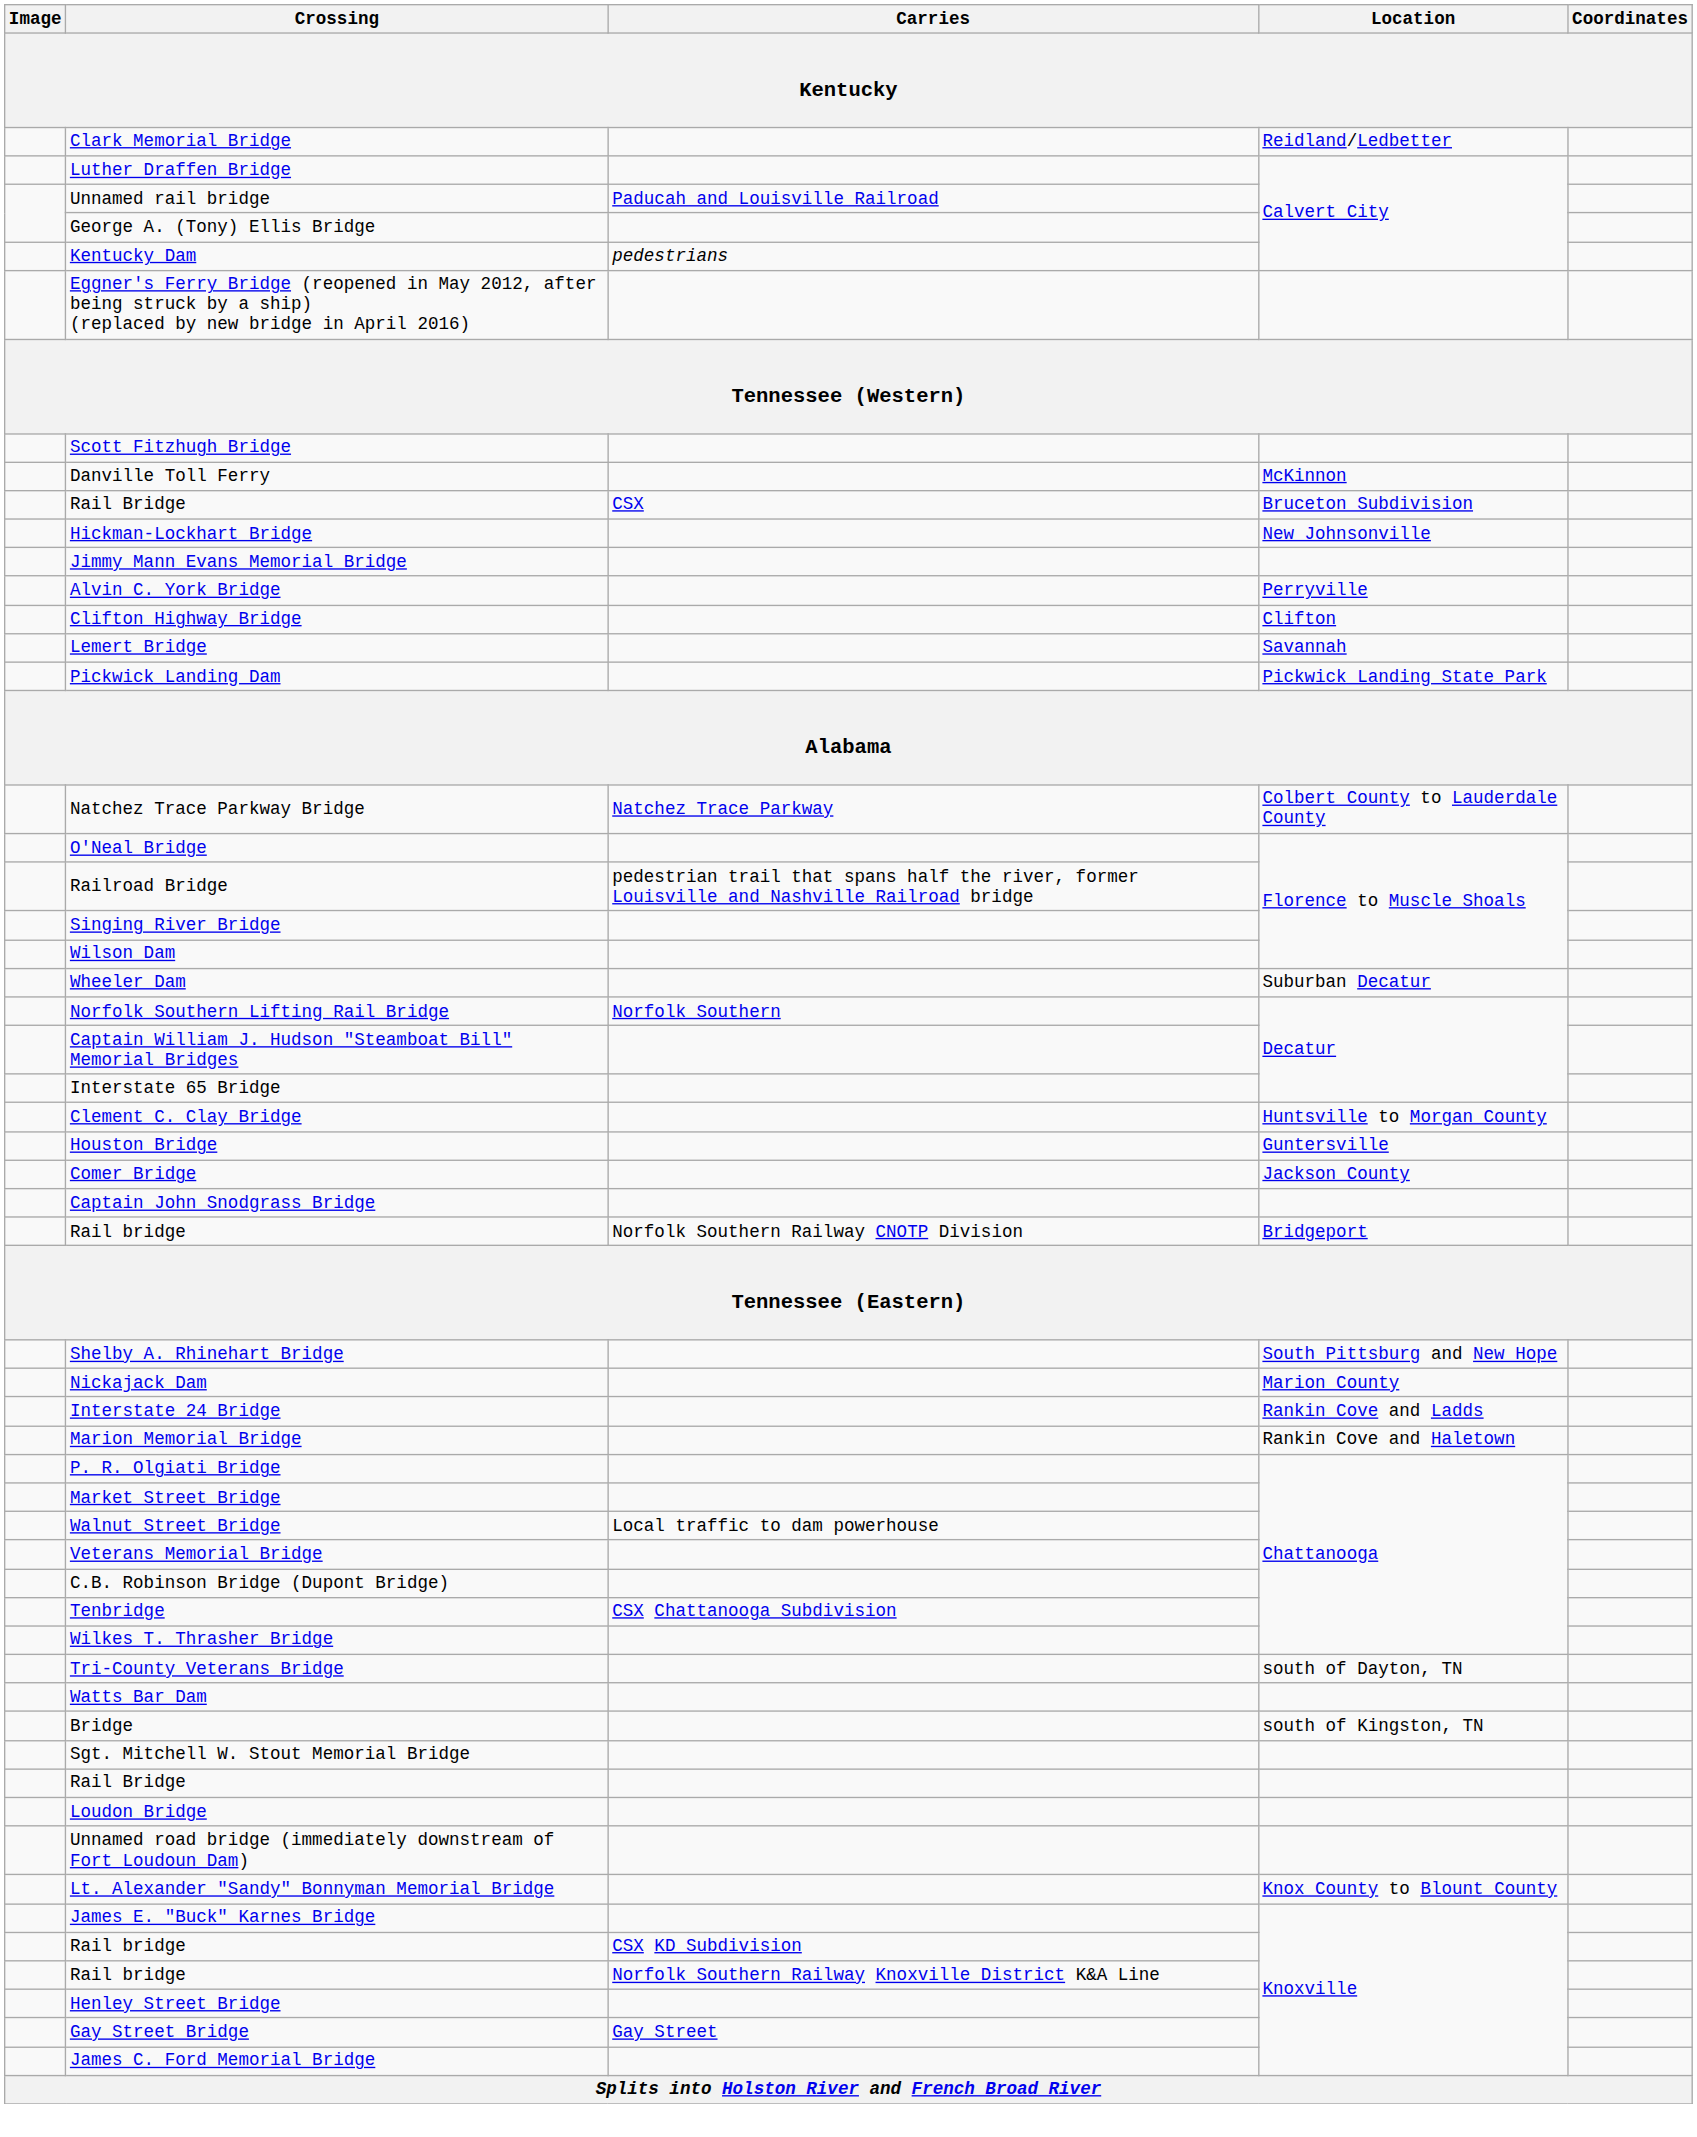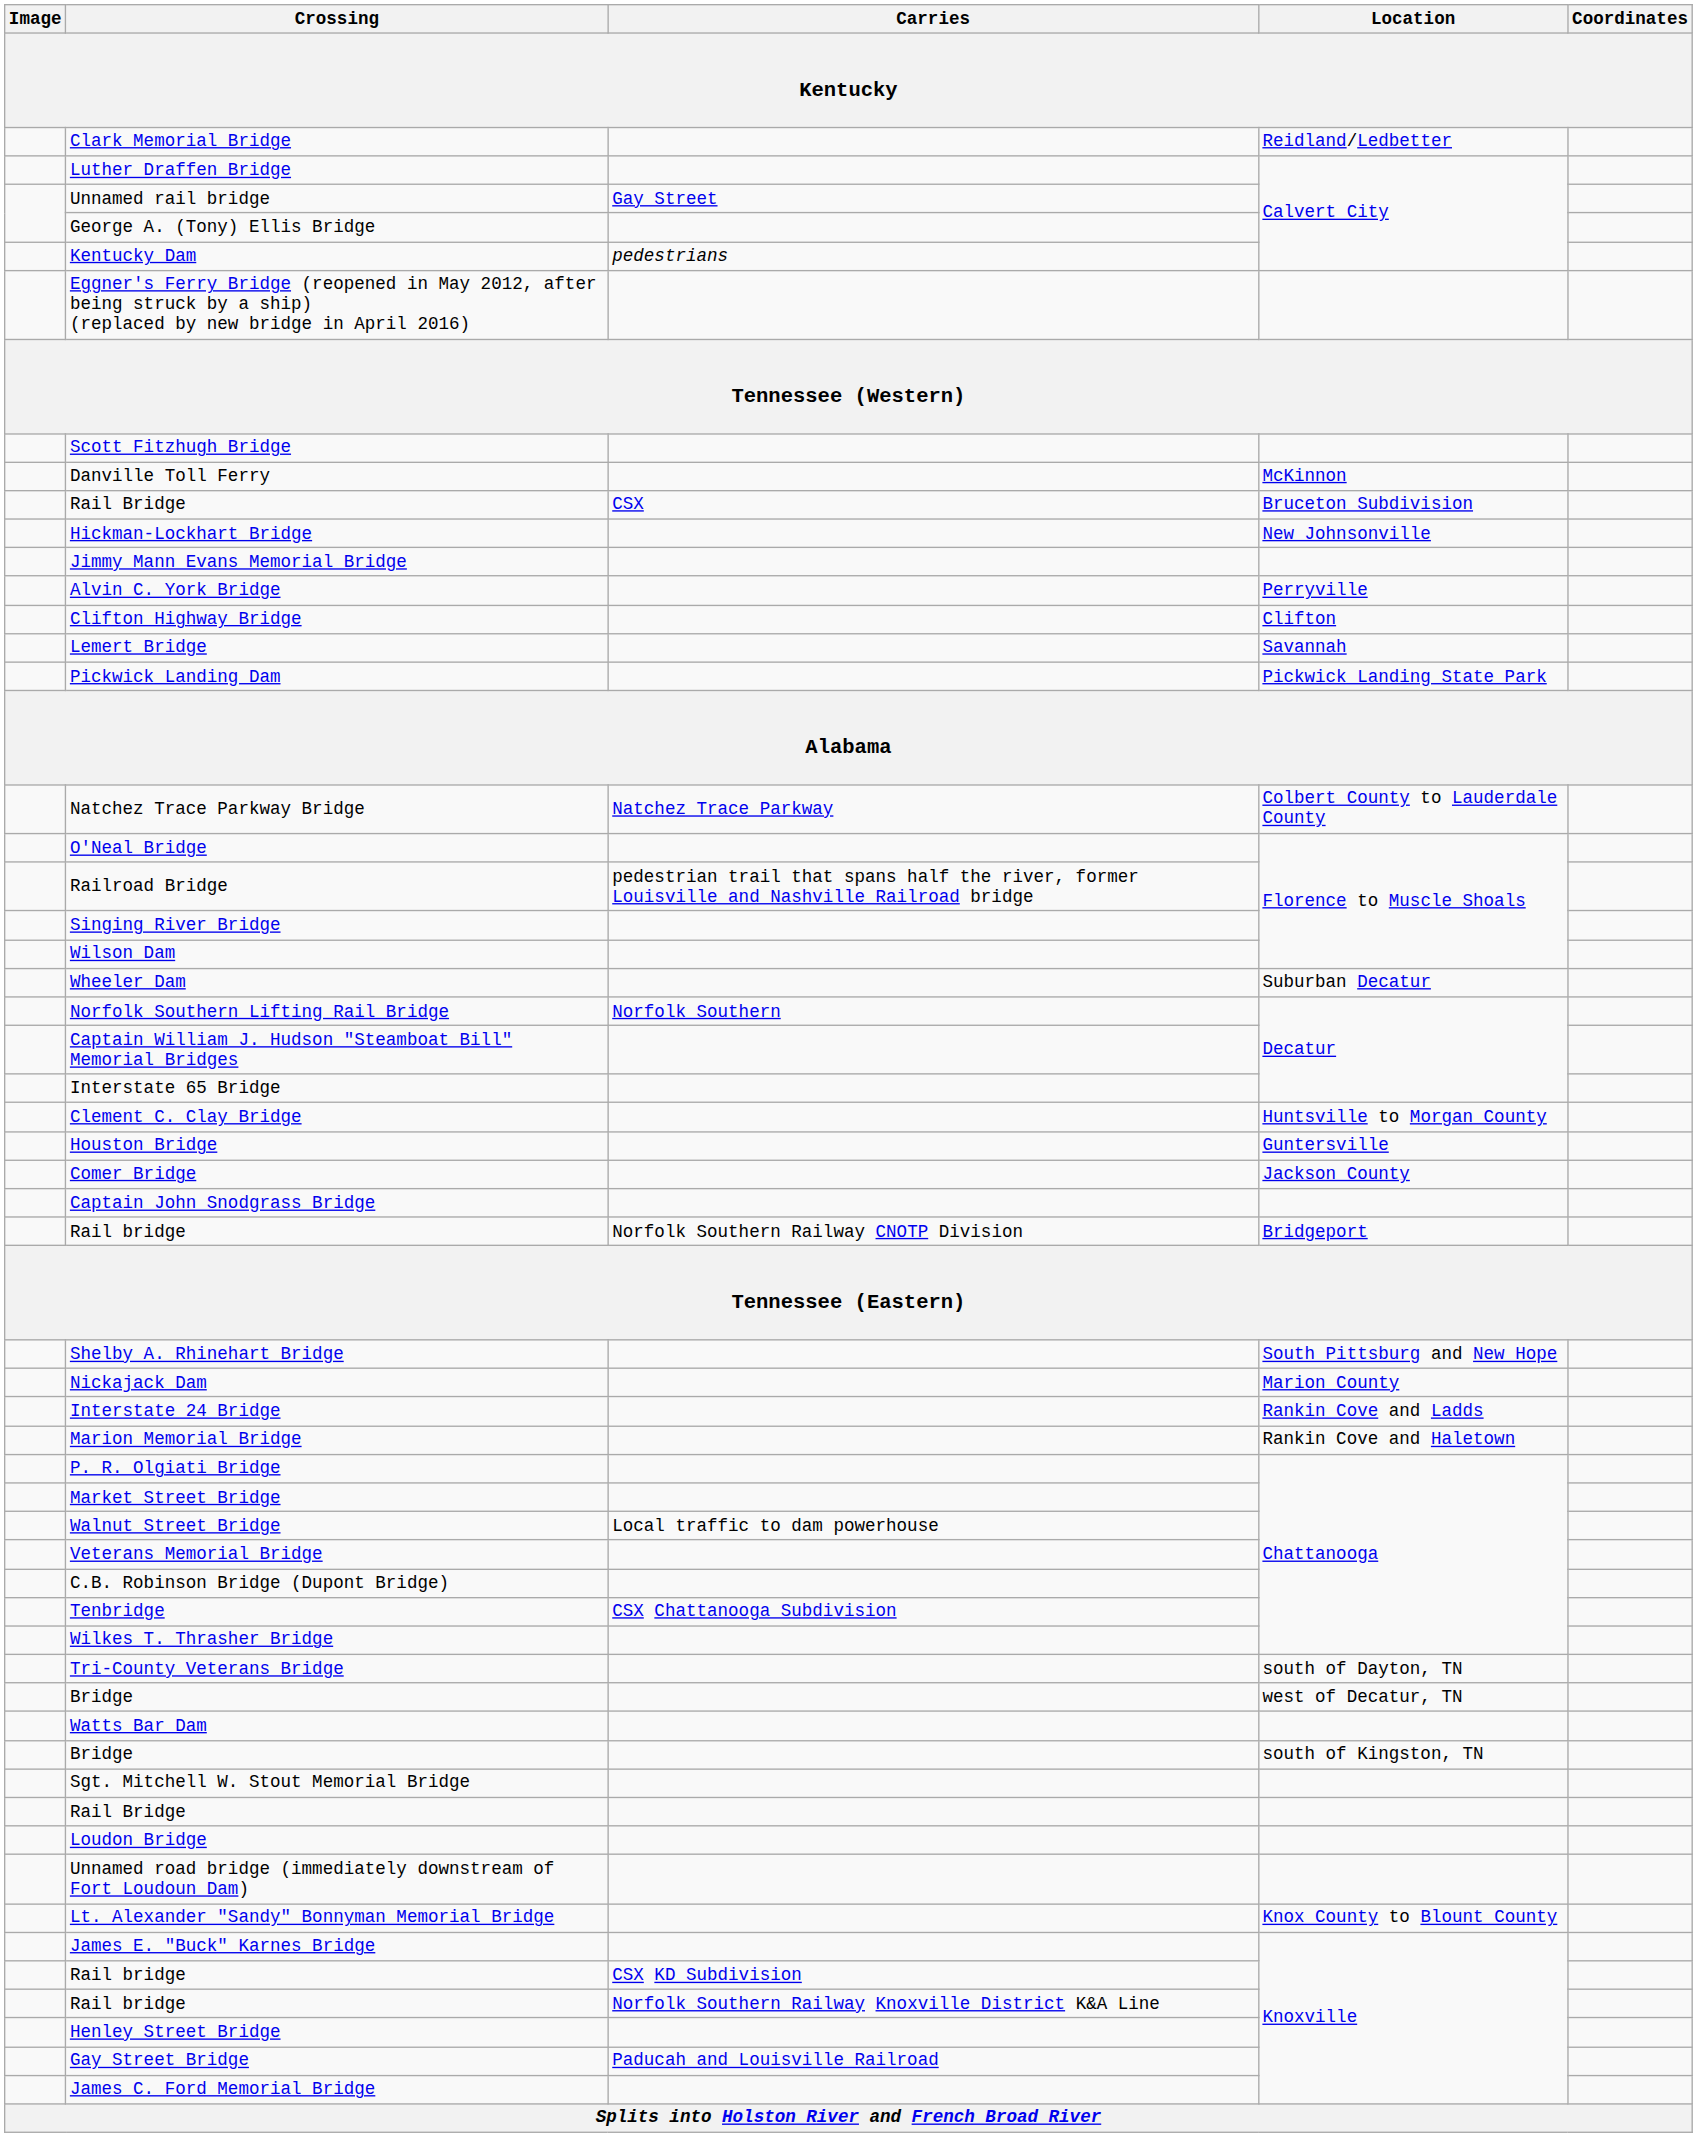 <table class=wikitable>
 <tr>
 <th>Image</th>
 <th>Crossing</th>
 <th>Carries</th>
 <th>Location</th>
 <th>Coordinates</th>
 </tr>
 <tr>
 <th colspan="5"><br><h3>Kentucky</h3></th>
 </tr>
 <tr>
 <td></td>
 <td><a href='#'>Clark Memorial Bridge</a></td>
 <td></td>
 <td><a href='#'>Reidland</a>/<a href='#'>Ledbetter</a></td>
 <td></td>
 </tr>
 <tr>
 <td></td>
 <td><a href='#'>Luther Draffen Bridge</a></td>
 <td></td>
 <td rowspan="4"><a href='#'>Calvert City</a></td>
 <td></td>
 </tr>
 <tr>
 <td rowspan="2"></td>
 <td>Unnamed rail bridge</td>
-<td><a href='#'>Paducah and Louisville Railroad</a></td>
+<td><a href='#'>Gay Street</a></td>
 <td></td>
 </tr>
 <tr>
 <td>George A. (Tony) Ellis Bridge</td>
 <td></td>
 <td></td>
 </tr>
 <tr>
 <td></td>
 <td><a href='#'>Kentucky Dam</a></td>
 <td><em>pedestrians</em></td>
 <td></td>
 </tr>
 <tr>
 <td></td>
 <td><a href='#'>Eggner's Ferry Bridge</a> (reopened in May 2012, after being struck by a ship)<br>(replaced by new bridge in April 2016)</td>
 <td></td>
 <td></td>
 <td></td>
 </tr>
 <tr>
 <th colspan="5"><br><h3>Tennessee (Western)</h3></th>
 </tr>
 <tr>
 <td></td>
 <td><a href='#'>Scott Fitzhugh Bridge</a></td>
 <td></td>
 <td></td>
 <td></td>
 </tr>
 <tr>
 <td></td>
 <td>Danville Toll Ferry</td>
 <td></td>
 <td><a href='#'>McKinnon</a></td>
 <td></td>
 </tr>
 <tr>
 <td></td>
 <td>Rail Bridge</td>
 <td><a href='#'>CSX</a></td>
 <td><a href='#'>Bruceton Subdivision</a></td>
 <td></td>
 </tr>
 <tr>
 <td></td>
 <td><a href='#'>Hickman-Lockhart Bridge</a></td>
 <td></td>
 <td><a href='#'>New Johnsonville</a></td>
 <td></td>
 </tr>
 <tr>
 <td></td>
 <td><a href='#'>Jimmy Mann Evans Memorial Bridge</a></td>
 <td></td>
 <td></td>
 <td></td>
 </tr>
 <tr>
 <td></td>
 <td><a href='#'>Alvin C. York Bridge</a></td>
 <td></td>
 <td><a href='#'>Perryville</a></td>
 <td></td>
 </tr>
 <tr>
 <td></td>
 <td><a href='#'>Clifton Highway Bridge</a></td>
 <td></td>
 <td><a href='#'>Clifton</a></td>
 <td></td>
 </tr>
 <tr>
 <td></td>
 <td><a href='#'>Lemert Bridge</a></td>
 <td></td>
 <td><a href='#'>Savannah</a></td>
 <td></td>
 </tr>
 <tr>
 <td></td>
 <td><a href='#'>Pickwick Landing Dam</a></td>
 <td></td>
 <td><a href='#'>Pickwick Landing State Park</a></td>
 <td></td>
 </tr>
 <tr>
 <th colspan="5"><br><h3>Alabama</h3></th>
 </tr>
 <tr>
 <td></td>
 <td>Natchez Trace Parkway Bridge</td>
 <td> <a href='#'>Natchez Trace Parkway</a></td>
 <td><a href='#'>Colbert County</a> to <a href='#'>Lauderdale County</a></td>
 <td></td>
 </tr>
 <tr>
 <td></td>
 <td><a href='#'>O'Neal Bridge</a></td>
 <td></td>
 <td rowspan="4"><a href='#'>Florence</a> to <a href='#'>Muscle Shoals</a></td>
 <td></td>
 </tr>
 <tr>
 <td></td>
 <td>Railroad Bridge</td>
 <td>pedestrian trail that spans half the river, former <a href='#'>Louisville and Nashville Railroad</a> bridge</td>
 <td></td>
 </tr>
 <tr>
 <td></td>
 <td><a href='#'>Singing River Bridge</a></td>
 <td></td>
 <td></td>
 </tr>
 <tr>
 <td></td>
 <td><a href='#'>Wilson Dam</a></td>
 <td></td>
 <td></td>
 </tr>
 <tr>
 <td></td>
 <td><a href='#'>Wheeler Dam</a></td>
 <td></td>
 <td>Suburban <a href='#'>Decatur</a></td>
 <td></td>
 </tr>
 <tr>
 <td></td>
 <td><a href='#'>Norfolk Southern Lifting Rail Bridge</a></td>
 <td><a href='#'>Norfolk Southern</a></td>
 <td rowspan="3"><a href='#'>Decatur</a></td>
 <td></td>
 </tr>
 <tr>
 <td></td>
 <td><a href='#'>Captain William J. Hudson "Steamboat Bill" Memorial Bridges</a></td>
 <td></td>
 <td></td>
 </tr>
 <tr>
 <td></td>
 <td>Interstate 65 Bridge</td>
 <td></td>
 <td></td>
 </tr>
 <tr>
 <td></td>
 <td><a href='#'>Clement C. Clay Bridge</a></td>
 <td></td>
 <td><a href='#'>Huntsville</a> to <a href='#'>Morgan County</a></td>
 <td></td>
 </tr>
 <tr>
 <td></td>
 <td><a href='#'>Houston Bridge</a></td>
 <td></td>
 <td><a href='#'>Guntersville</a></td>
 <td></td>
 </tr>
 <tr>
 <td></td>
 <td><a href='#'>Comer Bridge</a></td>
 <td></td>
 <td><a href='#'>Jackson County</a></td>
 <td></td>
 </tr>
 <tr>
 <td></td>
 <td><a href='#'>Captain John Snodgrass Bridge</a></td>
 <td></td>
 <td></td>
 <td></td>
 </tr>
 <tr>
 <td></td>
 <td>Rail bridge</td>
 <td>Norfolk Southern Railway <a href='#'>CNOTP</a> Division</td>
 <td><a href='#'>Bridgeport</a></td>
 <td></td>
 </tr>
 <tr>
 <th colspan="5"><br><h3>Tennessee (Eastern)</h3></th>
 </tr>
 <tr>
 <td></td>
 <td><a href='#'>Shelby A. Rhinehart Bridge</a></td>
 <td></td>
 <td><a href='#'>South Pittsburg</a> and <a href='#'>New Hope</a></td>
 <td></td>
 </tr>
 <tr>
 <td></td>
 <td><a href='#'>Nickajack Dam</a></td>
 <td></td>
 <td><a href='#'>Marion County</a></td>
 <td></td>
 </tr>
 <tr>
 <td></td>
 <td><a href='#'>Interstate 24 Bridge</a></td>
 <td></td>
 <td><a href='#'>Rankin Cove</a> and <a href='#'>Ladds</a></td>
 <td></td>
 </tr>
 <tr>
 <td></td>
 <td><a href='#'>Marion Memorial Bridge</a></td>
 <td></td>
 <td>Rankin Cove and <a href='#'>Haletown</a></td>
 <td></td>
 </tr>
 <tr>
 <td></td>
 <td><a href='#'>P. R. Olgiati Bridge</a></td>
 <td></td>
 <td rowspan="7"><a href='#'>Chattanooga</a></td>
 <td></td>
 </tr>
 <tr>
 <td></td>
 <td><a href='#'>Market Street Bridge</a></td>
 <td></td>
 <td></td>
 </tr>
 <tr>
 <td></td>
 <td><a href='#'>Walnut Street Bridge</a></td>
 <td>Local traffic to dam powerhouse</td>
 <td></td>
 </tr>
 <tr>
 <td></td>
 <td><a href='#'>Veterans Memorial Bridge</a></td>
 <td></td>
 <td></td>
 </tr>
 <tr>
 <td></td>
 <td>C.B. Robinson Bridge (Dupont Bridge)</td>
 <td></td>
 <td></td>
 </tr>
 <tr>
 <td></td>
 <td><a href='#'>Tenbridge</a></td>
 <td><a href='#'>CSX</a> <a href='#'>Chattanooga Subdivision</a></td>
 <td></td>
 </tr>
 <tr>
 <td></td>
 <td><a href='#'>Wilkes T. Thrasher Bridge</a></td>
 <td></td>
 <td></td>
 </tr>
 <tr>
 <td></td>
 <td><a href='#'>Tri-County Veterans Bridge</a></td>
 <td></td>
 <td>south of Dayton, TN</td>
 <td></td>
 </tr>
 <tr>
 <td></td>
+<td>Bridge</td>
+<td></td>
+<td>west of Decatur, TN</td>
+<td></td>
+</tr>
+<tr>
+<td></td>
 <td><a href='#'>Watts Bar Dam</a></td>
 <td></td>
 <td></td>
 <td></td>
 </tr>
 <tr>
 <td></td>
 <td>Bridge</td>
 <td></td>
 <td>south of Kingston, TN</td>
 <td></td>
 </tr>
 <tr>
 <td></td>
 <td>Sgt. Mitchell W. Stout Memorial Bridge</td>
 <td></td>
 <td></td>
 <td></td>
 </tr>
 <tr>
 <td></td>
 <td>Rail Bridge</td>
 <td></td>
 <td></td>
 <td></td>
 </tr>
 <tr>
 <td></td>
 <td><a href='#'>Loudon Bridge</a></td>
 <td></td>
 <td></td>
 <td></td>
 </tr>
 <tr>
 <td></td>
 <td>Unnamed road bridge (immediately downstream of <a href='#'>Fort Loudoun Dam</a>)</td>
 <td></td>
 <td></td>
 <td></td>
 </tr>
 <tr>
 <td></td>
 <td><a href='#'>Lt. Alexander "Sandy" Bonnyman Memorial Bridge</a></td>
 <td></td>
 <td><a href='#'>Knox County</a> to <a href='#'>Blount County</a></td>
 <td></td>
 </tr>
 <tr>
 <td></td>
 <td><a href='#'>James E. "Buck" Karnes Bridge</a></td>
 <td></td>
 <td rowspan="6"><a href='#'>Knoxville</a></td>
 <td></td>
 </tr>
 <tr>
 <td></td>
 <td>Rail bridge</td>
 <td><a href='#'>CSX</a> <a href='#'>KD Subdivision</a></td>
 <td></td>
 </tr>
 <tr>
 <td></td>
 <td>Rail bridge</td>
 <td><a href='#'>Norfolk Southern Railway</a> <a href='#'>Knoxville District</a> K&A Line</td>
 <td></td>
 </tr>
 <tr>
 <td></td>
 <td><a href='#'>Henley Street Bridge</a></td>
 <td></td>
 <td></td>
 </tr>
 <tr>
 <td></td>
 <td><a href='#'>Gay Street Bridge</a></td>
-<td><a href='#'>Gay Street</a></td>
+<td><a href='#'>Paducah and Louisville Railroad</a></td>
 <td></td>
 </tr>
 <tr>
 <td></td>
 <td><a href='#'>James C. Ford Memorial Bridge</a></td>
 <td></td>
 <td></td>
 </tr>
 <tr>
 <th colspan="5"><strong><em>Splits into <a href='#'>Holston River</a> and <a href='#'>French Broad River</a></em></strong></th>
 </tr>
 </table>
